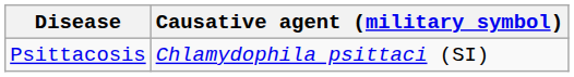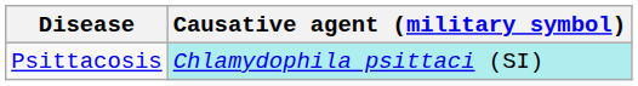 <table class ="wikitable sortable">
 <tr>
 <th>Disease</th>
 <th>Causative agent (<a href='#'>military symbol</a>)</th>
 </tr>
 <tr>
 <td><a href='#'>Psittacosis</a></td>
-<td><em><a href='#'>Chlamydophila psittaci</a></em> (SI)</td>
+<td style="background: paleturquoise;"><em><a href='#'>Chlamydophila psittaci</a></em> (SI)</td>
 </tr>
 </table>
